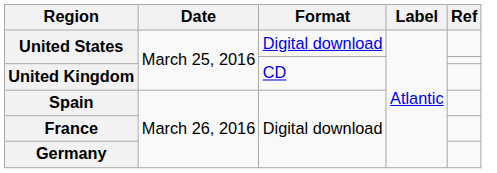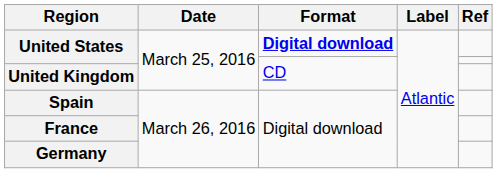 <table class="wikitable plainrowheaders">
 <tr>
 <th scope="col">Region</th>
 <th scope="col">Date</th>
 <th scope="col">Format</th>
 <th scope="col">Label</th>
 <th scope="col">Ref</th>
 </tr>
 <tr>
 <th scope="row" rowspan="2">United States</th>
 <td rowspan="3">March 25, 2016</td>
-<td><a href='#'>Digital download</a></td>
+<td><strong><a href='#'>Digital download</a></strong></td>
 <td rowspan="6"><a href='#'>Atlantic</a></td>
 <td style="text-align:center;"></td>
 </tr>
 <tr>
 <td rowspan="2"><a href='#'>CD</a></td>
 <td style="text-align:center;"></td>
 </tr>
 <tr>
 <th scope="row">United Kingdom</th>
 <td style="text-align:center;"></td>
 </tr>
 <tr>
 <th scope="row">Spain</th>
 <td rowspan="3">March 26, 2016</td>
 <td rowspan="3">Digital download</td>
 <td style="text-align:center;"></td>
 </tr>
 <tr>
 <th scope="row">France</th>
 <td style="text-align:center;"></td>
 </tr>
 <tr>
 <th scope="row">Germany</th>
 <td style="text-align:center;"></td>
 </tr>
 </table>
